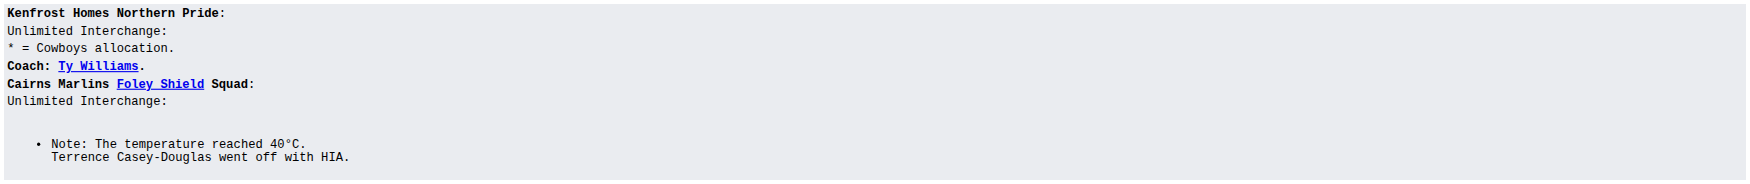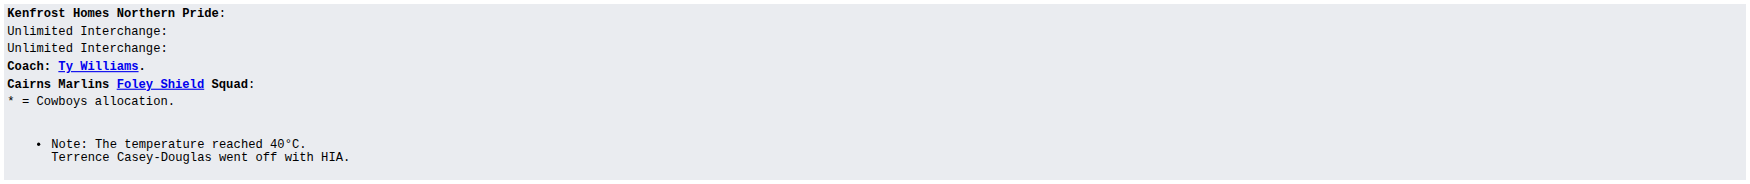 <table style="background:#eaecf0; font-size:85%; width:100%;">
 <tr>
 <td><strong>Kenfrost Homes Northern Pride</strong>:             </td>
 </tr>
 <tr>
 <td>Unlimited Interchange:         </td>
 </tr>
 <tr>
-<td>* = Cowboys allocation.</td>
+<td>Unlimited Interchange:    </td>
 </tr>
 <tr>
 <td><strong>Coach: <a href='#'>Ty Williams</a>.</strong></td>
 </tr>
 <tr>
 <td><strong>Cairns Marlins <a href='#'>Foley Shield</a> Squad</strong>:             </td>
 </tr>
 <tr>
-<td>Unlimited Interchange:    </td>
+<td>* = Cowboys allocation.</td>
 </tr>
 <tr>
 <td><br><ul><li>Note: The temperature reached 40°C.<br>Terrence Casey-Douglas went off with HIA.</li></ul></td>
 </tr>
 </table>
